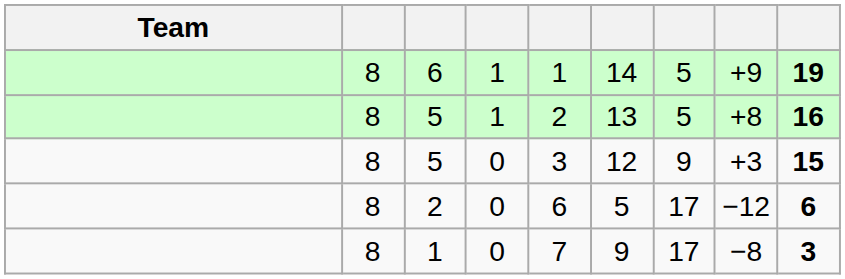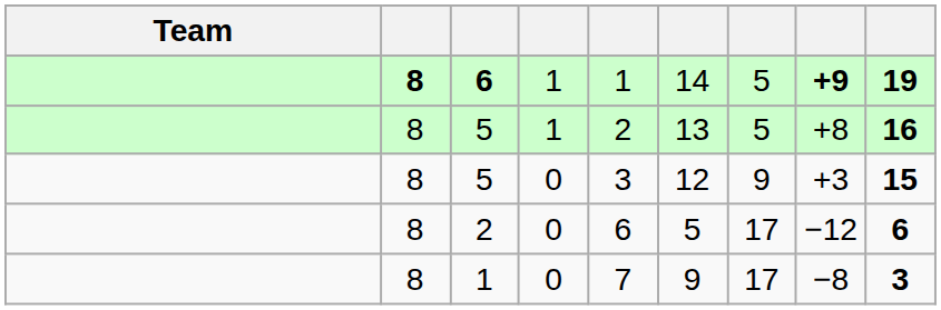 <table class="wikitable" style="text-align: center; font-size: 90%;">
 <tr>
 <th width=165>Team</th>
 <th width=25></th>
 <th width=25></th>
 <th width=25></th>
 <th width=25></th>
 <th width=25></th>
 <th width=25></th>
 <th width=25></th>
 <th width=25></th>
 </tr>
 <tr style="background:#cfc;">
 <td align=left></td>
-<td>8</td>
-<td>6</td>
+<td><strong>8</strong></td>
+<td><strong>6</strong></td>
 <td>1</td>
 <td>1</td>
 <td>14</td>
 <td>5</td>
-<td>+9</td>
+<td><strong>+9</strong></td>
 <td><strong>19</strong></td>
 </tr>
 <tr style="background:#cfc;">
 <td align=left></td>
 <td>8</td>
 <td>5</td>
 <td>1</td>
 <td>2</td>
 <td>13</td>
 <td>5</td>
 <td>+8</td>
 <td><strong>16</strong></td>
 </tr>
 <tr>
 <td align=left></td>
 <td>8</td>
 <td>5</td>
 <td>0</td>
 <td>3</td>
 <td>12</td>
 <td>9</td>
 <td>+3</td>
 <td><strong>15</strong></td>
 </tr>
 <tr>
 <td align=left></td>
 <td>8</td>
 <td>2</td>
 <td>0</td>
 <td>6</td>
 <td>5</td>
 <td>17</td>
 <td>−12</td>
 <td><strong>6</strong></td>
 </tr>
 <tr>
 <td align=left></td>
 <td>8</td>
 <td>1</td>
 <td>0</td>
 <td>7</td>
 <td>9</td>
 <td>17</td>
 <td>−8</td>
 <td><strong>3</strong></td>
 </tr>
 </table>
